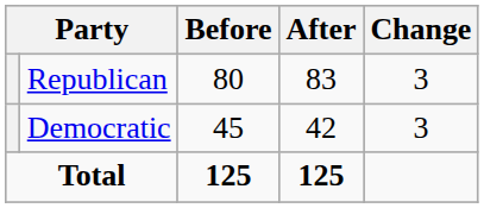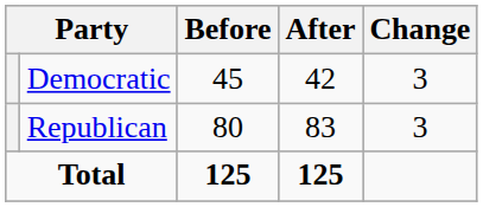 <table class="wikitable" style="text-align:center;">
 <tr>
 <th colspan="2">Party</th>
 <th>Before</th>
 <th>After</th>
 <th>Change</th>
 </tr>
 <tr>
 <th style="background-color:"></th>
-<td style="text-align:left;"><a href='#'>Republican</a></td>
-<td>80</td>
-<td>83</td>
+<td style="text-align:left;"><a href='#'>Democratic</a></td>
+<td>45</td>
+<td>42</td>
 <td> 3</td>
 </tr>
 <tr>
 <th style="background-color:"></th>
-<td style="text-align:left;"><a href='#'>Democratic</a></td>
-<td>45</td>
-<td>42</td>
+<td style="text-align:left;"><a href='#'>Republican</a></td>
+<td>80</td>
+<td>83</td>
 <td> 3</td>
 </tr>
 <tr>
 <td colspan="2"><strong>Total</strong></td>
 <td><strong>125</strong></td>
 <td><strong>125</strong></td>
 <td></td>
 </tr>
 </table>
